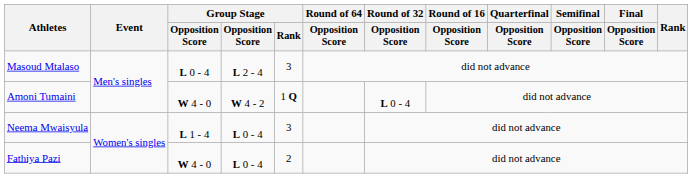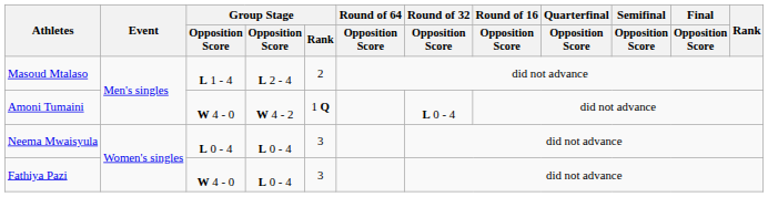 <table class="wikitable" style="font-size:90%">
 <tr>
 <th rowspan=2>Athletes</th>
 <th rowspan=2>Event</th>
 <th colspan=3>Group Stage</th>
 <th>Round of 64</th>
 <th>Round of 32</th>
 <th>Round of 16</th>
 <th>Quarterfinal</th>
 <th>Semifinal</th>
 <th>Final</th>
 <th rowspan=2>Rank</th>
 </tr>
 <tr style="font-size:95%">
 <th>Opposition<br>Score</th>
 <th>Opposition<br>Score</th>
 <th>Rank</th>
 <th>Opposition<br>Score</th>
 <th>Opposition<br>Score</th>
 <th>Opposition<br>Score</th>
 <th>Opposition<br>Score</th>
 <th>Opposition<br>Score</th>
 <th>Opposition<br>Score</th>
 </tr>
 <tr align=center>
 <td align=left><a href='#'>Masoud Mtalaso</a></td>
 <td align=left rowspan=2><a href='#'>Men's singles</a></td>
-<td><br><strong>L</strong> 0 - 4</td>
+<td><br><strong>L</strong> 1 - 4</td>
 <td><br><strong>L</strong> 2 - 4</td>
-<td>3</td>
+<td>2</td>
 <td colspan=7>did not advance</td>
 </tr>
 <tr align=center>
 <td align=left><a href='#'>Amoni Tumaini</a></td>
 <td><br><strong>W</strong> 4 - 0</td>
 <td><br><strong>W</strong> 4 - 2</td>
 <td>1 <strong>Q</strong></td>
 <td></td>
 <td><br><strong>L</strong> 0 - 4</td>
 <td colspan=5>did not advance</td>
 </tr>
 <tr align=center>
 <td align=left><a href='#'>Neema Mwaisyula</a></td>
 <td align=left rowspan=2><a href='#'>Women's singles</a></td>
-<td><br><strong>L</strong> 1 - 4</td>
+<td><br><strong>L</strong> 0 - 4</td>
 <td><br><strong>L</strong> 0 - 4</td>
 <td>3</td>
 <td></td>
 <td colspan=6>did not advance</td>
 </tr>
 <tr align=center>
 <td align=left><a href='#'>Fathiya Pazi</a></td>
 <td><br><strong>W</strong> 4 - 0</td>
 <td><br><strong>L</strong> 0 - 4</td>
-<td>2</td>
+<td>3</td>
 <td></td>
 <td colspan=6>did not advance</td>
 </tr>
 </table>
